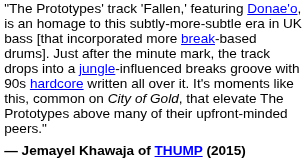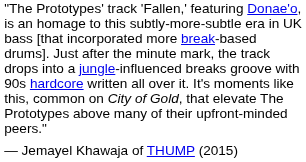 <table class="toccolours" style="float:right; margin-left:2em; margin-right:0; font-size:85%; background:offwhite; color:black; width:23em; max-width:40%;" cellspacing="5">
 <tr>
 <td style="text-align: left;">"The Prototypes' track 'Fallen,' featuring <a href='#'>Donae'o</a>, is an homage to this subtly-more-subtle era in UK bass [that incorporated more <a href='#'>break</a>-based drums]. Just after the minute mark, the track drops into a <a href='#'>jungle</a>-influenced breaks groove with 90s <a href='#'>hardcore</a> written all over it. It's moments like this, common on <em>City of Gold</em>, that elevate The Prototypes above many of their upfront-minded peers."</td>
 </tr>
 <tr>
-<td style="text-align: left;"><strong>— Jemayel Khawaja of <a href='#'>THUMP</a> (2015)</strong></td>
+<td style="text-align: left;">— Jemayel Khawaja of <a href='#'>THUMP</a> (2015)</td>
 </tr>
 </table>
